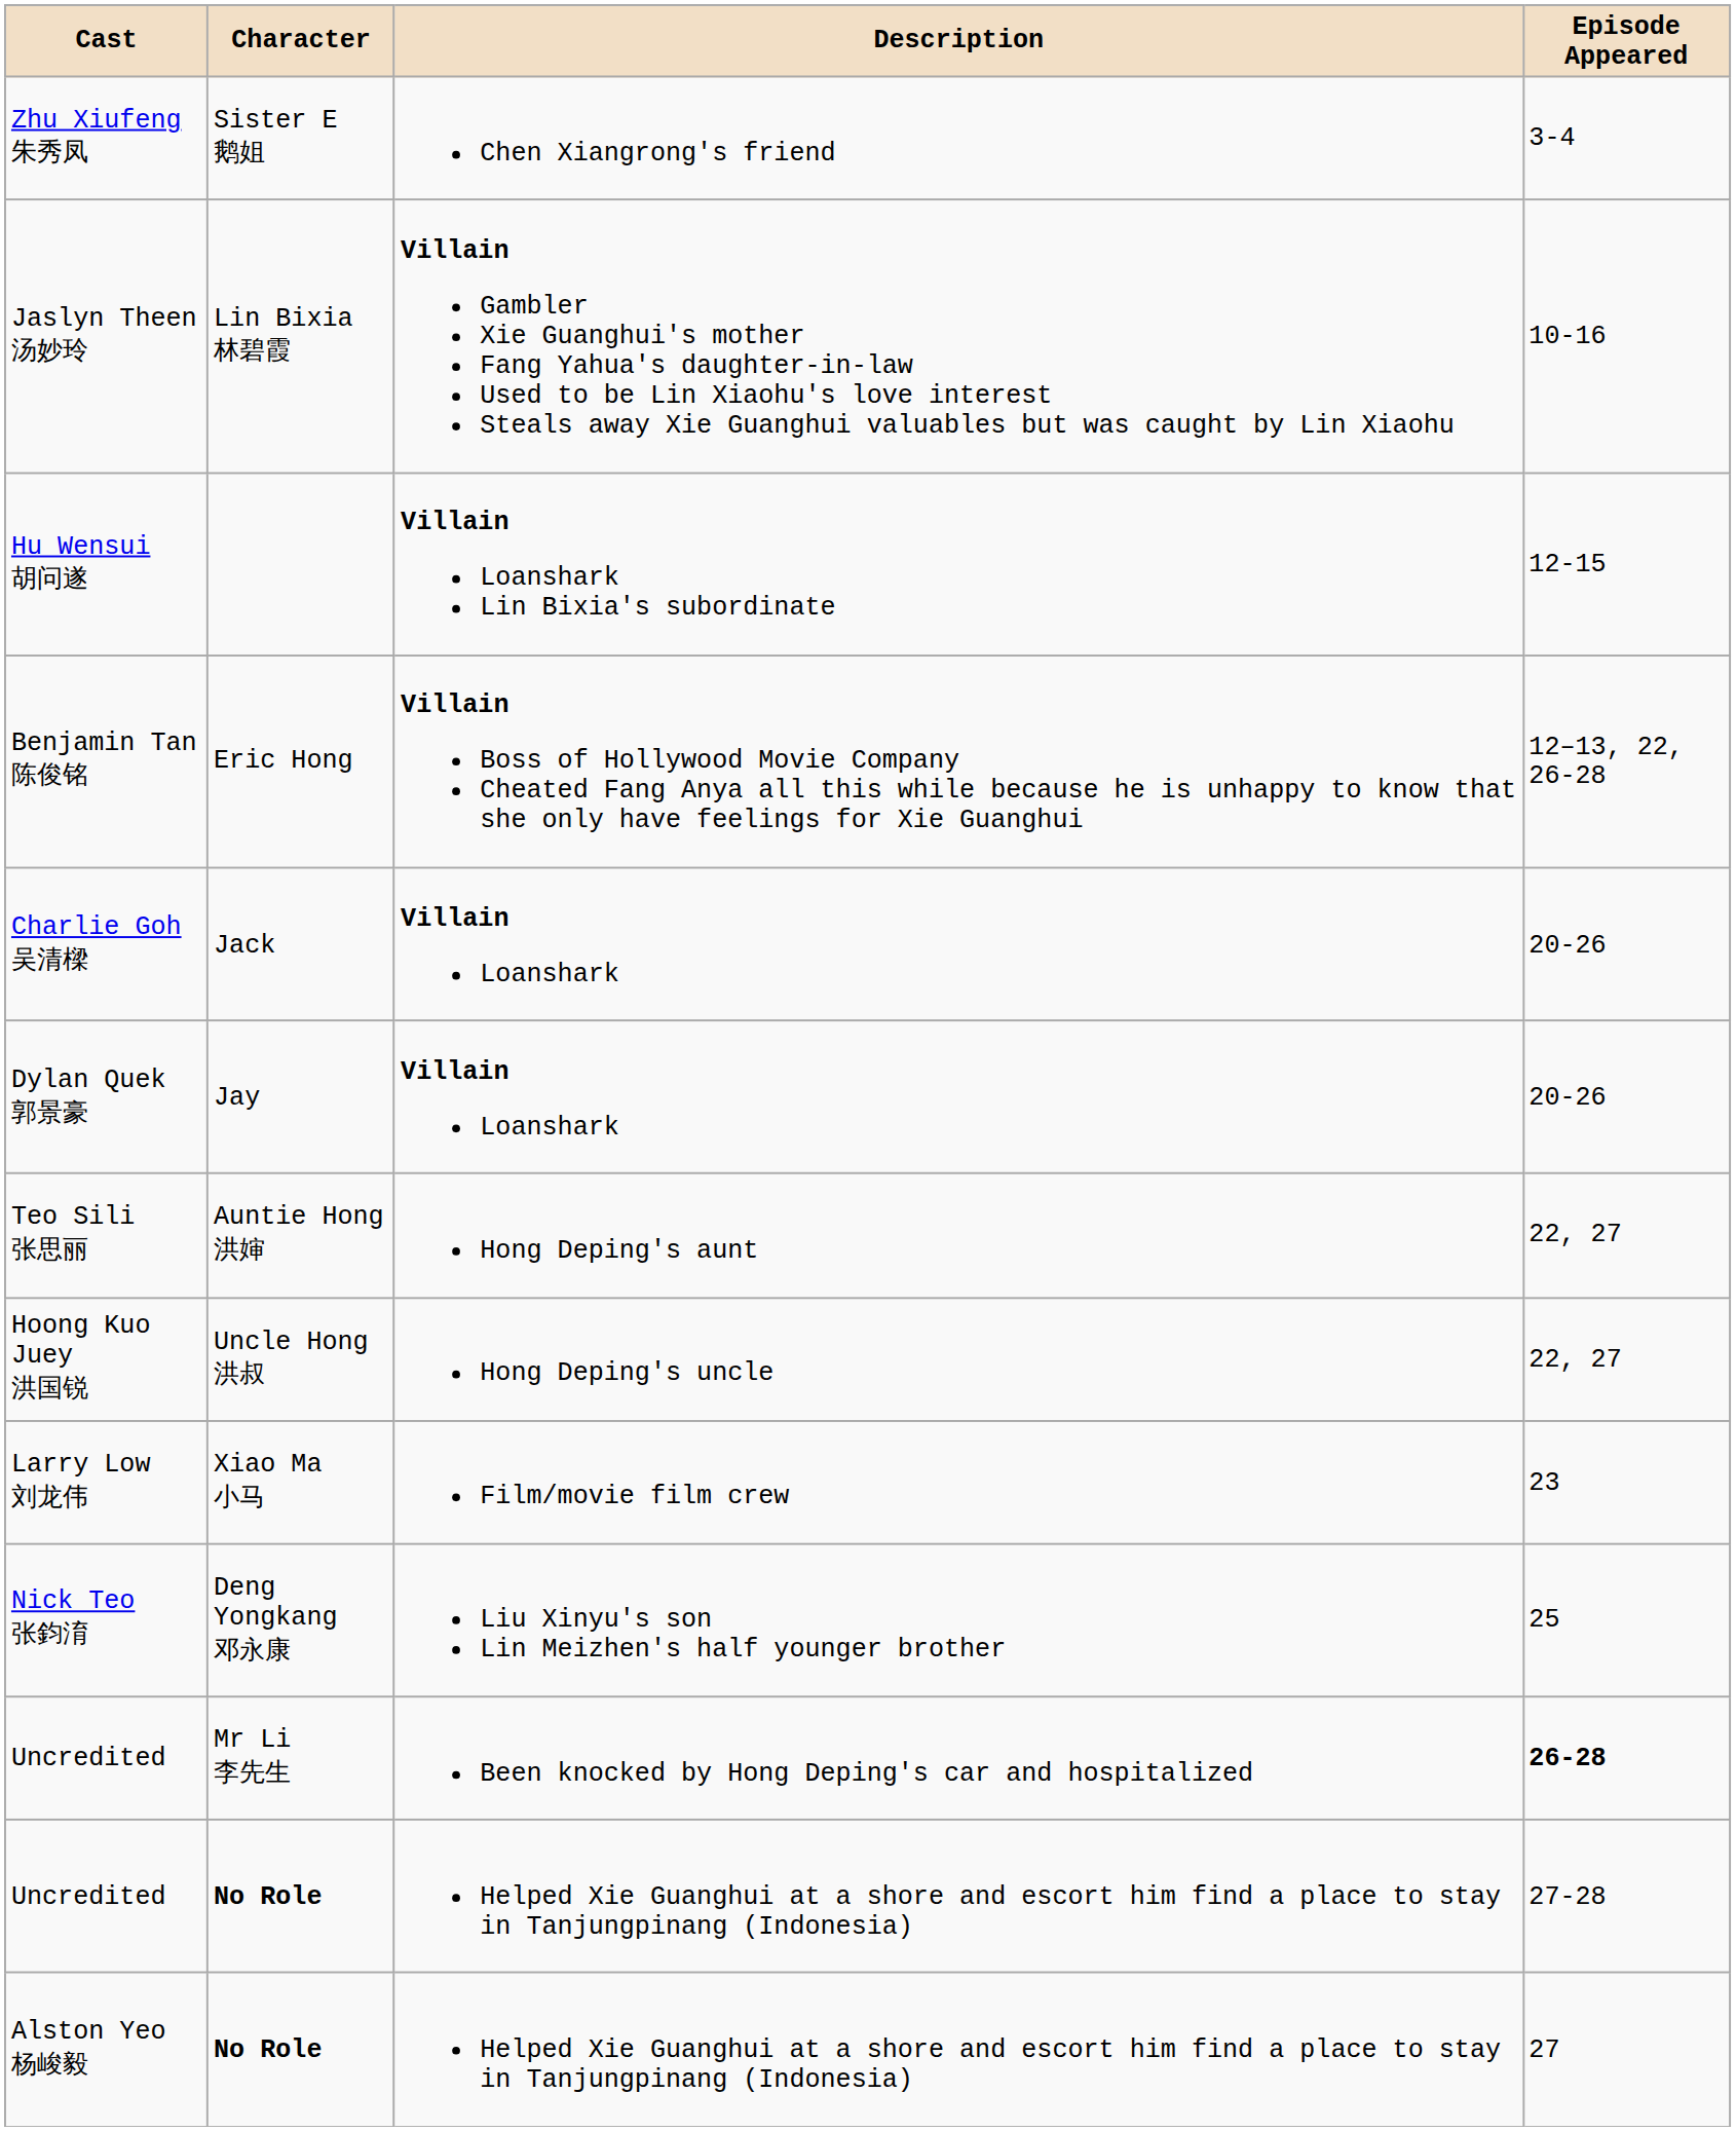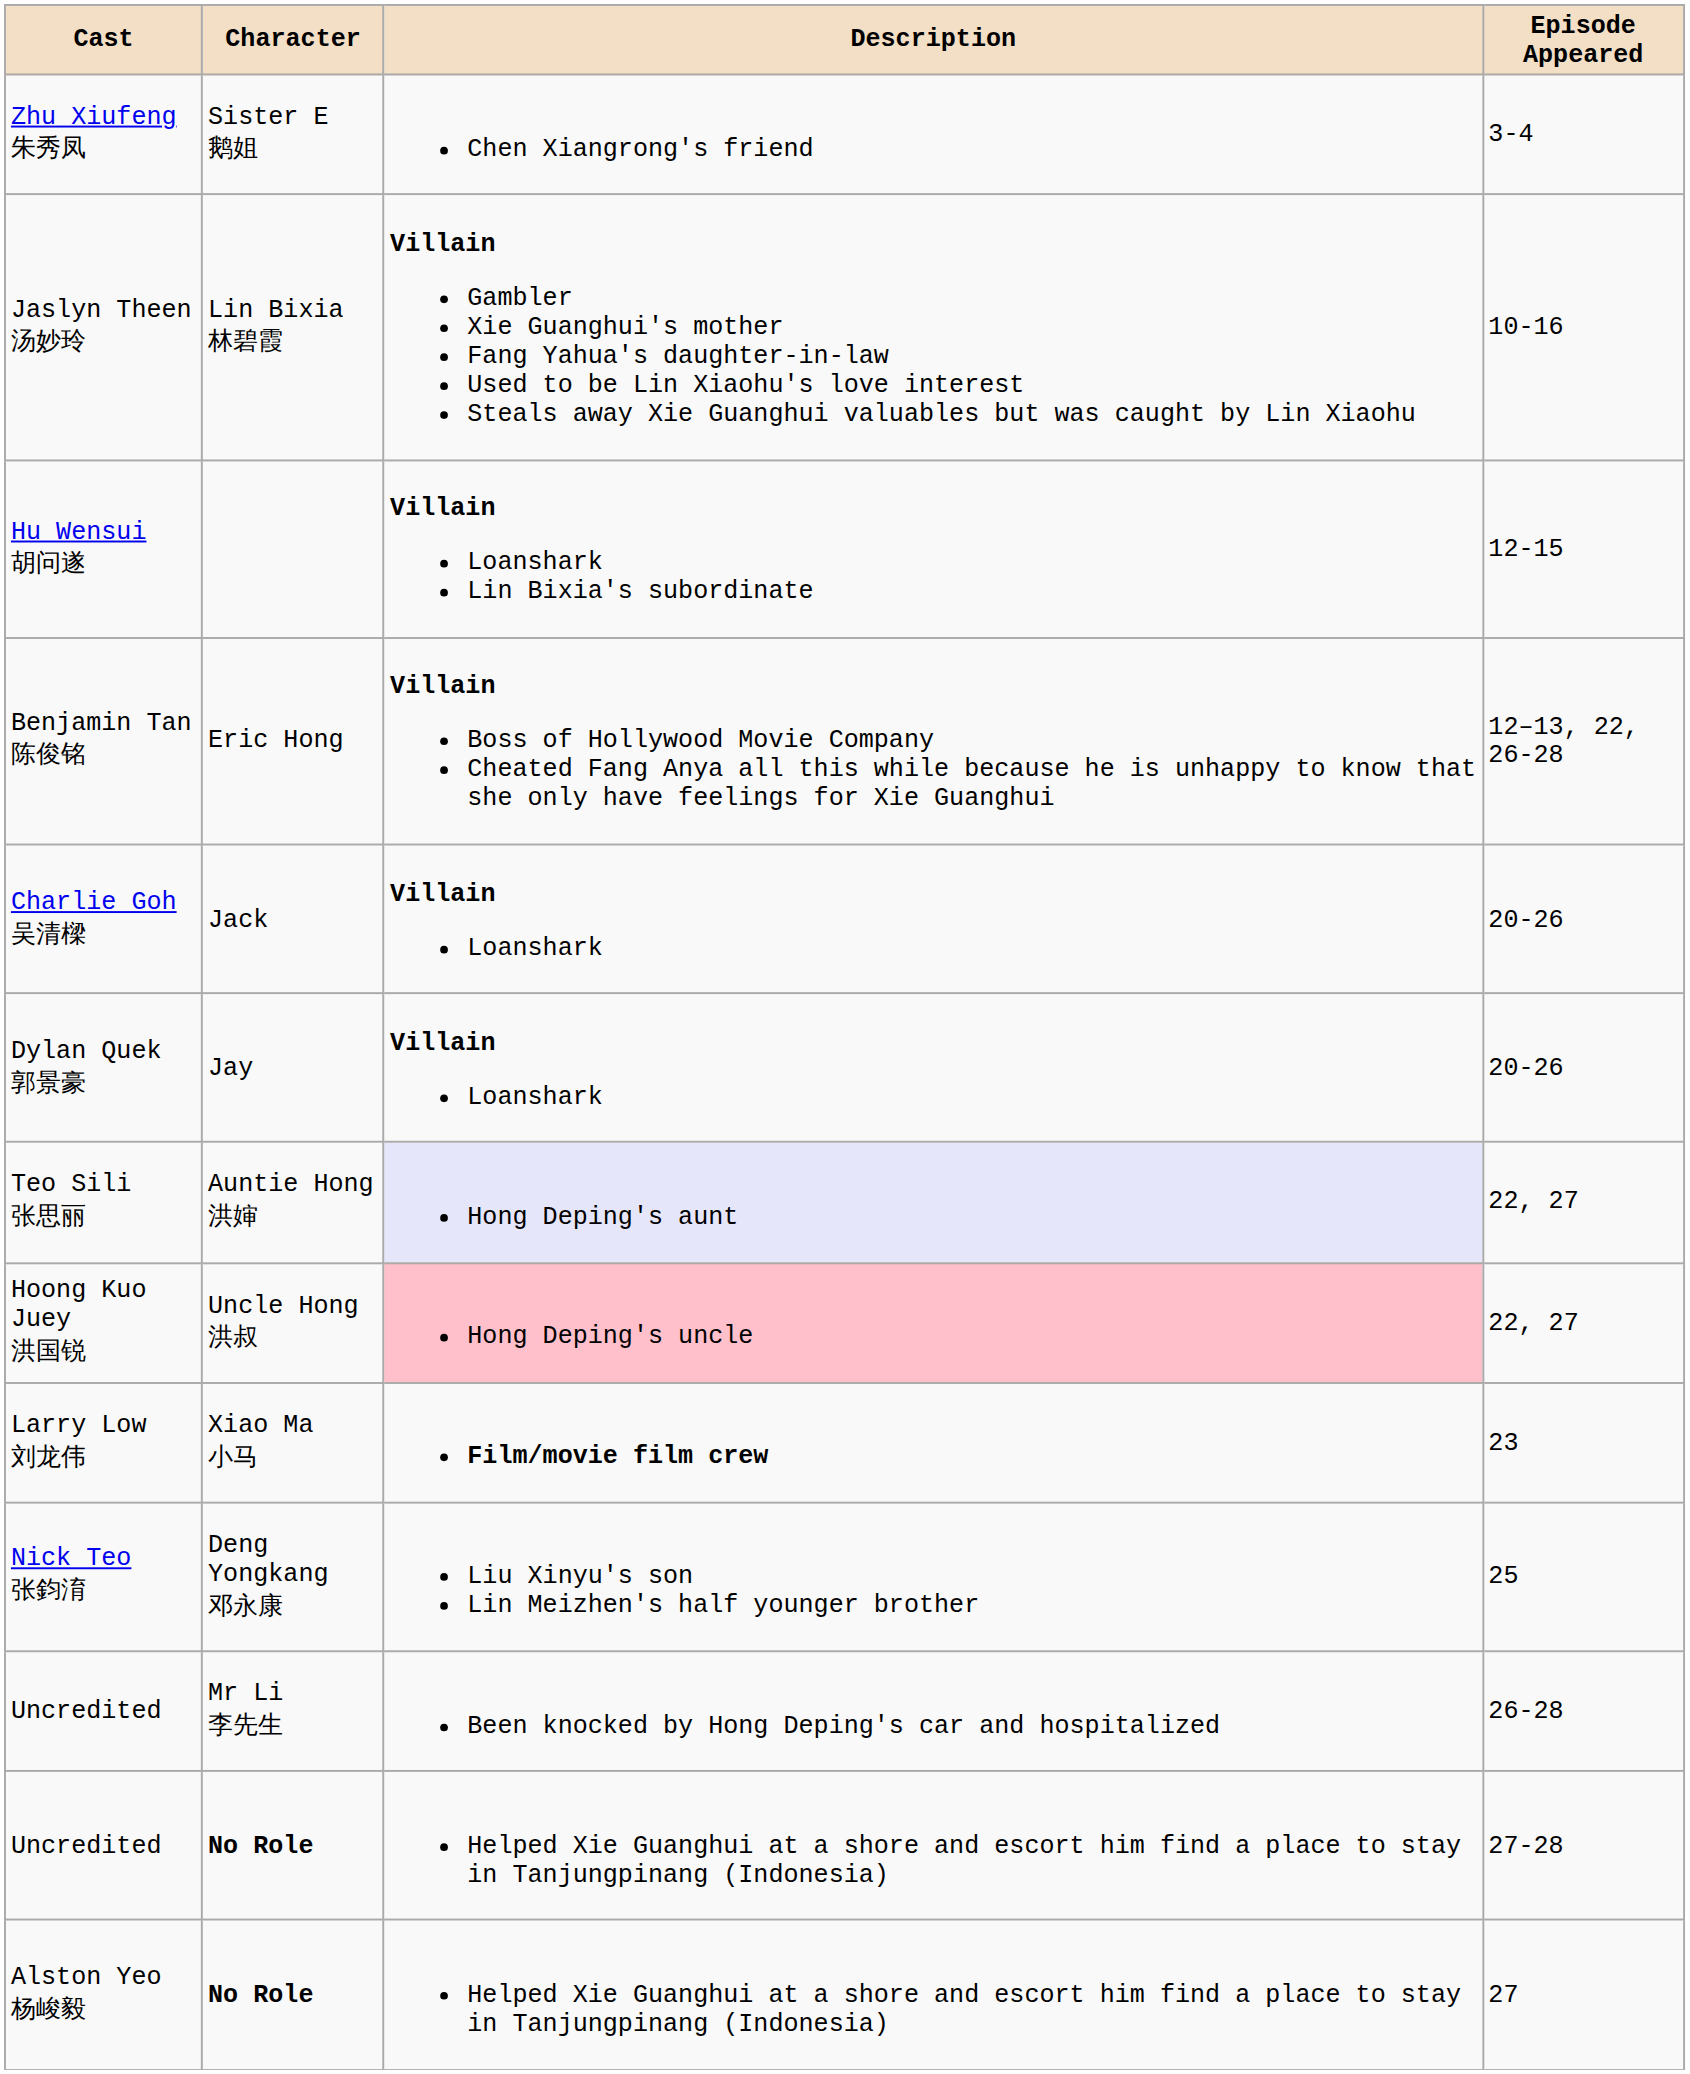 <table class="wikitable">
 <tr>
 <th style="background:#f2dfc6">Cast</th>
 <th style="background:#f2dfc6">Character</th>
 <th style="background:#f2dfc6">Description</th>
 <th style="background:#f2dfc6">Episode Appeared</th>
 </tr>
 <tr>
 <td><a href='#'>Zhu Xiufeng</a> <br> 朱秀凤</td>
 <td>Sister E <br> 鹅姐</td>
 <td><br><ul><li>Chen Xiangrong's friend</li></ul></td>
 <td>3-4</td>
 </tr>
 <tr>
 <td>Jaslyn Theen <br> 汤妙玲</td>
 <td>Lin Bixia <br> 林碧霞</td>
 <td><br><strong>Villain</strong><ul><li>Gambler</li><li>Xie Guanghui's mother</li><li>Fang Yahua's daughter-in-law</li><li>Used to be Lin Xiaohu's love interest</li><li>Steals away Xie Guanghui valuables but was caught by Lin Xiaohu</li></ul></td>
 <td>10-16</td>
 </tr>
 <tr>
 <td><a href='#'>Hu Wensui</a> <br> 胡问遂</td>
 <td></td>
 <td><br><strong>Villain</strong><ul><li>Loanshark</li><li>Lin Bixia's subordinate</li></ul></td>
 <td>12-15</td>
 </tr>
 <tr>
 <td>Benjamin Tan <br> 陈俊铭</td>
 <td>Eric Hong</td>
 <td><br><strong>Villain</strong><ul><li>Boss of Hollywood Movie Company</li><li>Cheated Fang Anya all this while because he is unhappy to know that she only have feelings for Xie Guanghui</li></ul></td>
 <td>12–13, 22, 26-28</td>
 </tr>
 <tr>
 <td><a href='#'>Charlie Goh</a> <br> 吴清樑</td>
 <td>Jack</td>
 <td><br><strong>Villain</strong><ul><li>Loanshark</li></ul></td>
 <td>20-26</td>
 </tr>
 <tr>
 <td>Dylan Quek <br> 郭景豪</td>
 <td>Jay</td>
 <td><br><strong>Villain</strong><ul><li>Loanshark</li></ul></td>
 <td>20-26</td>
 </tr>
 <tr>
 <td>Teo Sili <br> 张思丽</td>
 <td>Auntie Hong <br> 洪婶</td>
-<td><br><ul><li>Hong Deping's aunt</li></ul></td>
+<td style="background: lavender;"><br><ul><li>Hong Deping's aunt</li></ul></td>
 <td>22, 27</td>
 </tr>
 <tr>
 <td>Hoong Kuo Juey <br> 洪国锐</td>
 <td>Uncle Hong <br> 洪叔</td>
-<td><br><ul><li>Hong Deping's uncle</li></ul></td>
+<td style="background: pink;"><br><ul><li>Hong Deping's uncle</li></ul></td>
 <td>22, 27</td>
 </tr>
 <tr>
 <td>Larry Low <br> 刘龙伟</td>
 <td>Xiao Ma <br> 小马</td>
-<td><br><ul><li>Film/movie film crew</li></ul></td>
+<td><strong><br><ul><li>Film/movie film crew</li></ul></strong></td>
 <td>23</td>
 </tr>
 <tr>
 <td><a href='#'>Nick Teo</a> <br> 张鈞淯</td>
 <td>Deng Yongkang <br> 邓永康</td>
 <td><br><ul><li>Liu Xinyu's son</li><li>Lin Meizhen's half younger brother</li></ul></td>
 <td>25</td>
 </tr>
 <tr>
 <td>Uncredited</td>
 <td>Mr Li <br> 李先生</td>
 <td><br><ul><li>Been knocked by Hong Deping's car and hospitalized</li></ul></td>
-<td><strong>26-28</strong></td>
+<td>26-28</td>
 </tr>
 <tr>
 <td>Uncredited</td>
 <td><strong>No Role</strong></td>
 <td><br><ul><li>Helped Xie Guanghui at a shore and escort him find a place to stay in Tanjungpinang (Indonesia)</li></ul></td>
 <td>27-28</td>
 </tr>
 <tr>
 <td>Alston Yeo <br> 杨峻毅</td>
 <td><strong>No Role</strong></td>
 <td><br><ul><li>Helped Xie Guanghui at a shore and escort him find a place to stay in Tanjungpinang (Indonesia)</li></ul></td>
 <td>27</td>
 </tr>
 </table>
